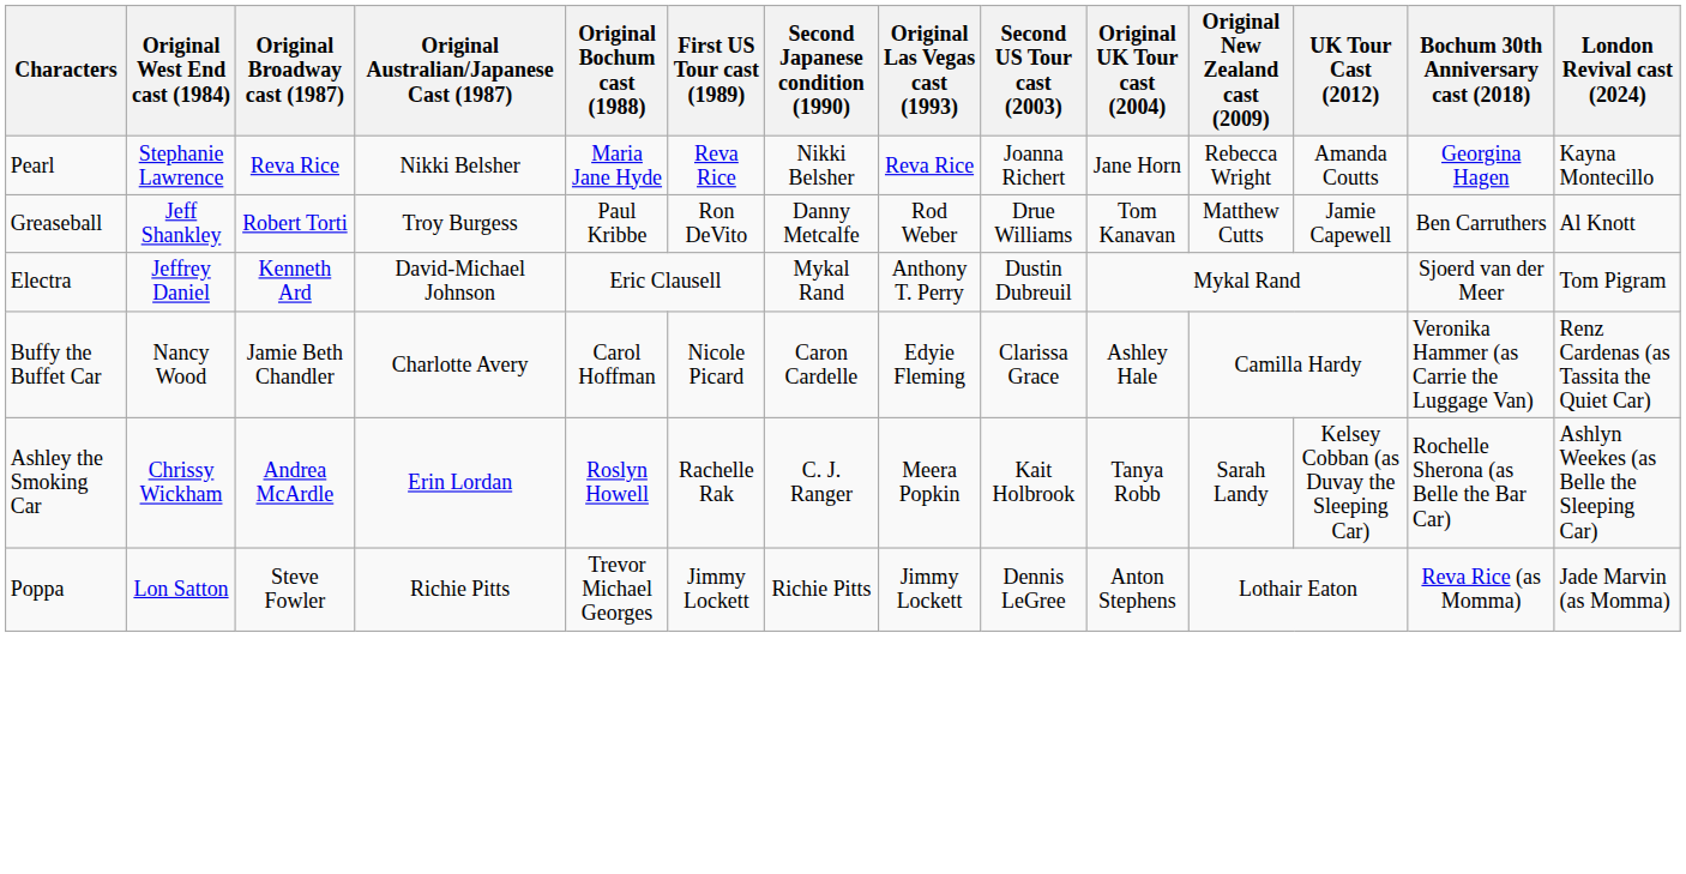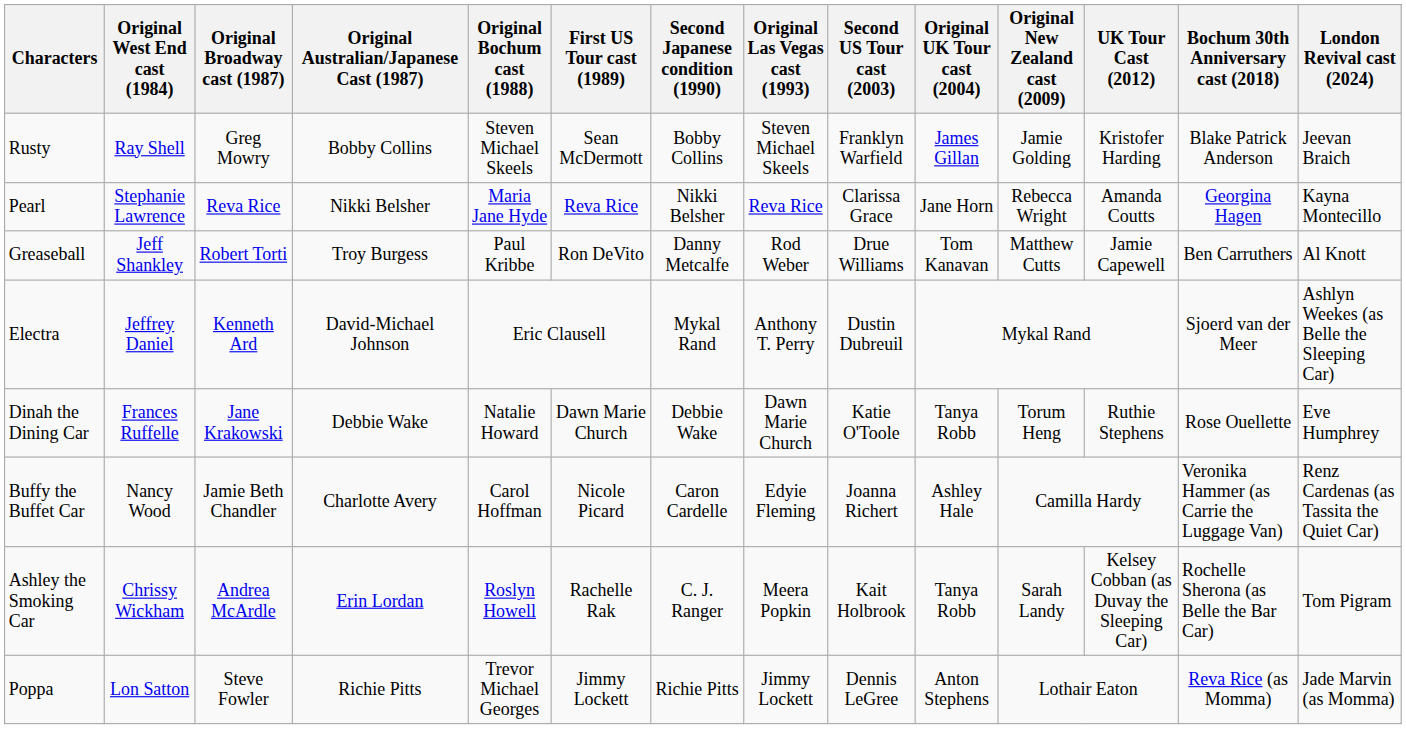 <table class="wikitable wiki table">
 <tr>
 <th>Characters</th>
 <th>Original West End cast (1984)</th>
 <th>Original Broadway cast (1987)</th>
 <th>Original Australian/Japanese Cast (1987)</th>
 <th>Original Bochum cast (1988)</th>
 <th>First US Tour cast (1989)</th>
 <th>Second Japanese condition (1990)</th>
 <th>Original Las Vegas cast (1993)</th>
 <th>Second US Tour cast (2003)</th>
 <th>Original UK Tour cast (2004)</th>
 <th>Original New Zealand cast (2009)</th>
 <th>UK Tour Cast (2012)</th>
 <th>Bochum 30th Anniversary cast (2018)</th>
 <th>London Revival cast (2024)</th>
 </tr>
 <tr>
+<td>Rusty</td>
+<td style="text-align:center;"><a href='#'>Ray Shell</a></td>
+<td style="text-align:center;">Greg Mowry</td>
+<td style="text-align:center;">Bobby Collins</td>
+<td style="text-align:center;">Steven Michael Skeels</td>
+<td style="text-align:center;">Sean McDermott</td>
+<td style="text-align:center;">Bobby Collins</td>
+<td style="text-align:center;">Steven Michael Skeels</td>
+<td style="text-align:center;">Franklyn Warfield</td>
+<td style="text-align:center;"><a href='#'>James Gillan</a></td>
+<td style="text-align:center;">Jamie Golding</td>
+<td style="text-align:center;">Kristofer Harding</td>
+<td style="text-align:center;">Blake Patrick Anderson</td>
+<td style=“text-align:center;”>Jeevan Braich</td>
+</tr>
+<tr>
 <td>Pearl</td>
 <td style="text-align:center;"><a href='#'>Stephanie Lawrence</a></td>
 <td style="text-align:center;"><a href='#'>Reva Rice</a></td>
 <td style="text-align:center;">Nikki Belsher</td>
 <td style="text-align:center;"><a href='#'>Maria Jane Hyde</a></td>
 <td style="text-align:center;"><a href='#'>Reva Rice</a></td>
 <td style="text-align:center;">Nikki Belsher</td>
 <td style="text-align:center;"><a href='#'>Reva Rice</a></td>
-<td style="text-align:center;">Joanna Richert</td>
+<td style="text-align:center;">Clarissa Grace</td>
 <td style="text-align:center;">Jane Horn</td>
 <td style="text-align:center;">Rebecca Wright</td>
 <td style="text-align:center;">Amanda Coutts</td>
 <td style="text-align:center;"><a href='#'>Georgina Hagen</a></td>
 <td style=“text-align:center;”>Kayna Montecillo</td>
 </tr>
 <tr>
 <td>Greaseball</td>
 <td style="text-align:center;"><a href='#'>Jeff Shankley</a></td>
 <td style="text-align:center;"><a href='#'>Robert Torti</a></td>
 <td style="text-align:center;">Troy Burgess</td>
 <td style="text-align:center;">Paul Kribbe</td>
 <td style="text-align:center;">Ron DeVito</td>
 <td style="text-align:center;">Danny Metcalfe</td>
 <td style="text-align:center;">Rod Weber</td>
 <td style="text-align:center;">Drue Williams</td>
 <td style="text-align:center;">Tom Kanavan</td>
 <td style="text-align:center;">Matthew Cutts</td>
 <td style="text-align:center;">Jamie Capewell</td>
 <td style="text-align:center;">Ben Carruthers</td>
 <td style=“text-align:center;”>Al Knott</td>
 </tr>
 <tr>
 <td>Electra</td>
 <td style="text-align:center;"><a href='#'>Jeffrey Daniel</a></td>
 <td style="text-align:center;"><a href='#'>Kenneth Ard</a></td>
 <td style="text-align:center;">David-Michael Johnson</td>
 <td style="text-align:center;" colspan="2">Eric Clausell</td>
 <td style="text-align:center;">Mykal Rand</td>
 <td style="text-align:center;">Anthony T. Perry</td>
 <td style="text-align:center;">Dustin Dubreuil</td>
 <td style="text-align:center;" colspan="3">Mykal Rand</td>
 <td style="text-align:center;">Sjoerd van der Meer</td>
-<td style=“text-align:center;”>Tom Pigram</td>
+<td>Ashlyn Weekes (as Belle the Sleeping Car)</td>
+</tr>
+<tr>
+<td>Dinah the Dining Car</td>
+<td style="text-align:center;"><a href='#'>Frances Ruffelle</a></td>
+<td style="text-align:center;"><a href='#'>Jane Krakowski</a></td>
+<td style="text-align:center;">Debbie Wake</td>
+<td style="text-align:center;">Natalie Howard</td>
+<td style="text-align:center;">Dawn Marie Church</td>
+<td style="text-align:center;">Debbie Wake</td>
+<td style="text-align:center;">Dawn Marie Church</td>
+<td style="text-align:center;">Katie O'Toole</td>
+<td style="text-align:center;">Tanya Robb</td>
+<td style="text-align:center;">Torum Heng</td>
+<td style="text-align:center;">Ruthie Stephens</td>
+<td style="text-align:center;">Rose Ouellette</td>
+<td style=“text-align:center;”>Eve Humphrey</td>
 </tr>
 <tr>
 <td>Buffy the Buffet Car</td>
 <td style="text-align:center;">Nancy Wood</td>
 <td style="text-align:center;">Jamie Beth Chandler</td>
 <td style="text-align:center;">Charlotte Avery</td>
 <td style="text-align:center;">Carol Hoffman</td>
 <td style="text-align:center;">Nicole Picard</td>
 <td style="text-align:center;">Caron Cardelle</td>
 <td style="text-align:center;">Edyie Fleming</td>
-<td style="text-align:center;">Clarissa Grace</td>
+<td style="text-align:center;">Joanna Richert</td>
 <td style="text-align:center;">Ashley Hale</td>
 <td style="text-align:center;" colspan="2">Camilla Hardy</td>
 <td style= "text-align: centre;">Veronika Hammer (as Carrie the Luggage Van)</td>
 <td>Renz Cardenas (as Tassita the Quiet Car)</td>
 </tr>
 <tr>
 <td>Ashley the Smoking Car</td>
 <td style="text-align:center;"><a href='#'>Chrissy Wickham</a></td>
 <td style="text-align:center;"><a href='#'>Andrea McArdle</a></td>
 <td style="text-align:center;"><a href='#'>Erin Lordan</a></td>
 <td style="text-align:center;"><a href='#'>Roslyn Howell</a></td>
 <td style="text-align:center;">Rachelle Rak</td>
 <td style="text-align:center;">C. J. Ranger</td>
 <td style="text-align:center;">Meera Popkin</td>
 <td style="text-align:center;">Kait Holbrook</td>
 <td style="text-align:center;">Tanya Robb</td>
 <td style="text-align:center;">Sarah Landy</td>
 <td style= "text-align: center;">Kelsey Cobban (as Duvay the Sleeping Car)</td>
 <td style= "text-align: centre;">Rochelle Sherona (as Belle the Bar Car)</td>
-<td>Ashlyn Weekes (as Belle the Sleeping Car)</td>
+<td style=“text-align:center;”>Tom Pigram</td>
 </tr>
 <tr>
 <td>Poppa</td>
 <td style="text-align:center;"><a href='#'>Lon Satton</a></td>
 <td style="text-align:center;">Steve Fowler</td>
 <td style="text-align:center;">Richie Pitts</td>
 <td style="text-align:center;">Trevor Michael Georges</td>
 <td style="text-align:center;">Jimmy Lockett</td>
 <td style="text-align:center;">Richie Pitts</td>
 <td style="text-align:center;">Jimmy Lockett</td>
 <td style="text-align:center;">Dennis LeGree</td>
 <td style="text-align:center;">Anton Stephens</td>
 <td style="text-align:center;" colspan="2">Lothair Eaton</td>
 <td style="text-align:center;"><a href='#'>Reva Rice</a> (as Momma)</td>
 <td style=“text-align:center;”>Jade Marvin (as Momma)</td>
 </tr>
 </table>
